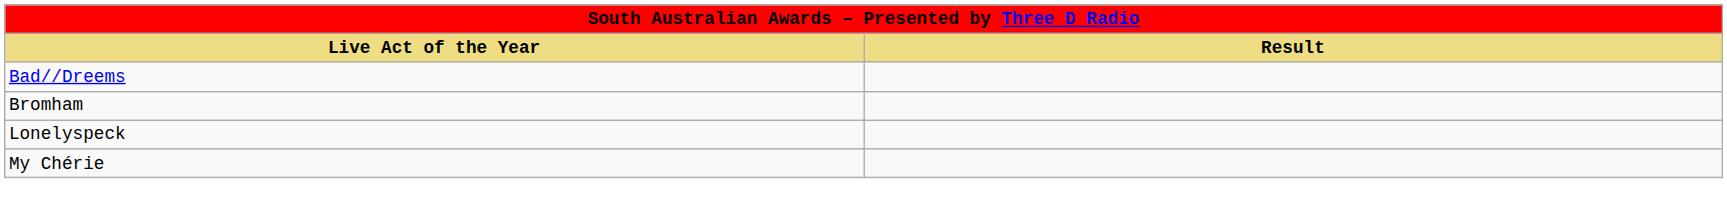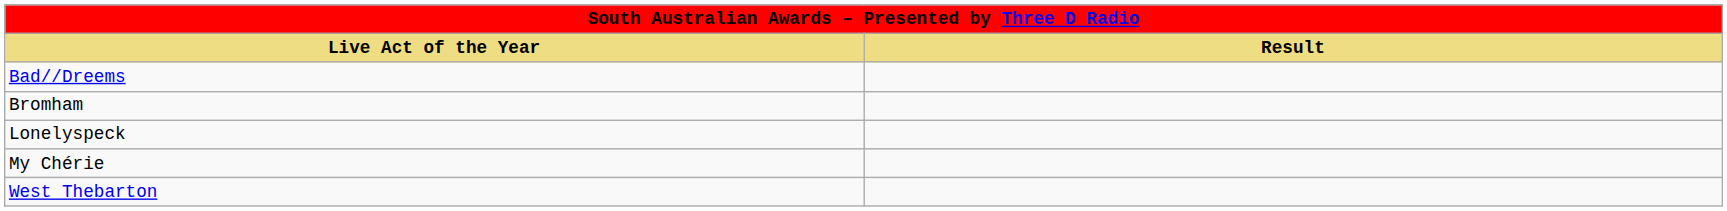 <table class="wikitable" width=100%>
 <tr>
 <th colspan="2" ! style="width:15%;background:red">South Australian Awards – Presented by <a href='#'>Three D Radio</a></th>
 </tr>
 <tr>
 <th style="width:10%;background:#EEDD82;">Live Act of the Year</th>
 <th style="width:10%;background:#EEDD82;">Result</th>
 </tr>
 <tr>
 <td><a href='#'>Bad//Dreems</a></td>
 <td></td>
 </tr>
 <tr>
 <td>Bromham</td>
 <td></td>
 </tr>
 <tr>
 <td>Lonelyspeck</td>
 <td></td>
 </tr>
 <tr>
 <td>My Chérie</td>
 <td></td>
 </tr>
+<tr>
+<td><a href='#'>West Thebarton</a></td>
+<td></td>
+</tr>
 </table>
